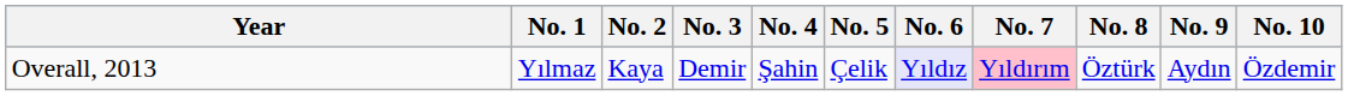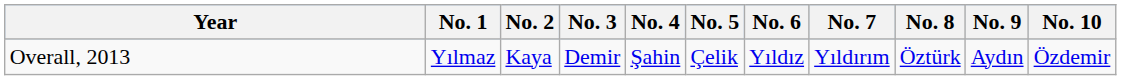 <table class="wikitable">
 <tr style="background:#a0d0ff;">
 <th width=300>Year</th>
 <th>No. 1</th>
 <th>No. 2</th>
 <th>No. 3</th>
 <th>No. 4</th>
 <th>No. 5</th>
 <th>No. 6</th>
 <th>No. 7</th>
 <th>No. 8</th>
 <th>No. 9</th>
 <th>No. 10</th>
 </tr>
 <tr>
 <td>Overall, 2013</td>
 <td><a href='#'>Yılmaz</a></td>
 <td><a href='#'>Kaya</a></td>
 <td><a href='#'>Demir</a></td>
 <td><a href='#'>Şahin</a></td>
 <td><a href='#'>Çelik</a></td>
-<td style="background: lavender;"><a href='#'>Yıldız</a></td>
-<td style="background: pink;"><a href='#'>Yıldırım</a></td>
+<td><a href='#'>Yıldız</a></td>
+<td><a href='#'>Yıldırım</a></td>
 <td><a href='#'>Öztürk</a></td>
 <td><a href='#'>Aydın</a></td>
 <td><a href='#'>Özdemir</a></td>
 </tr>
 </table>
